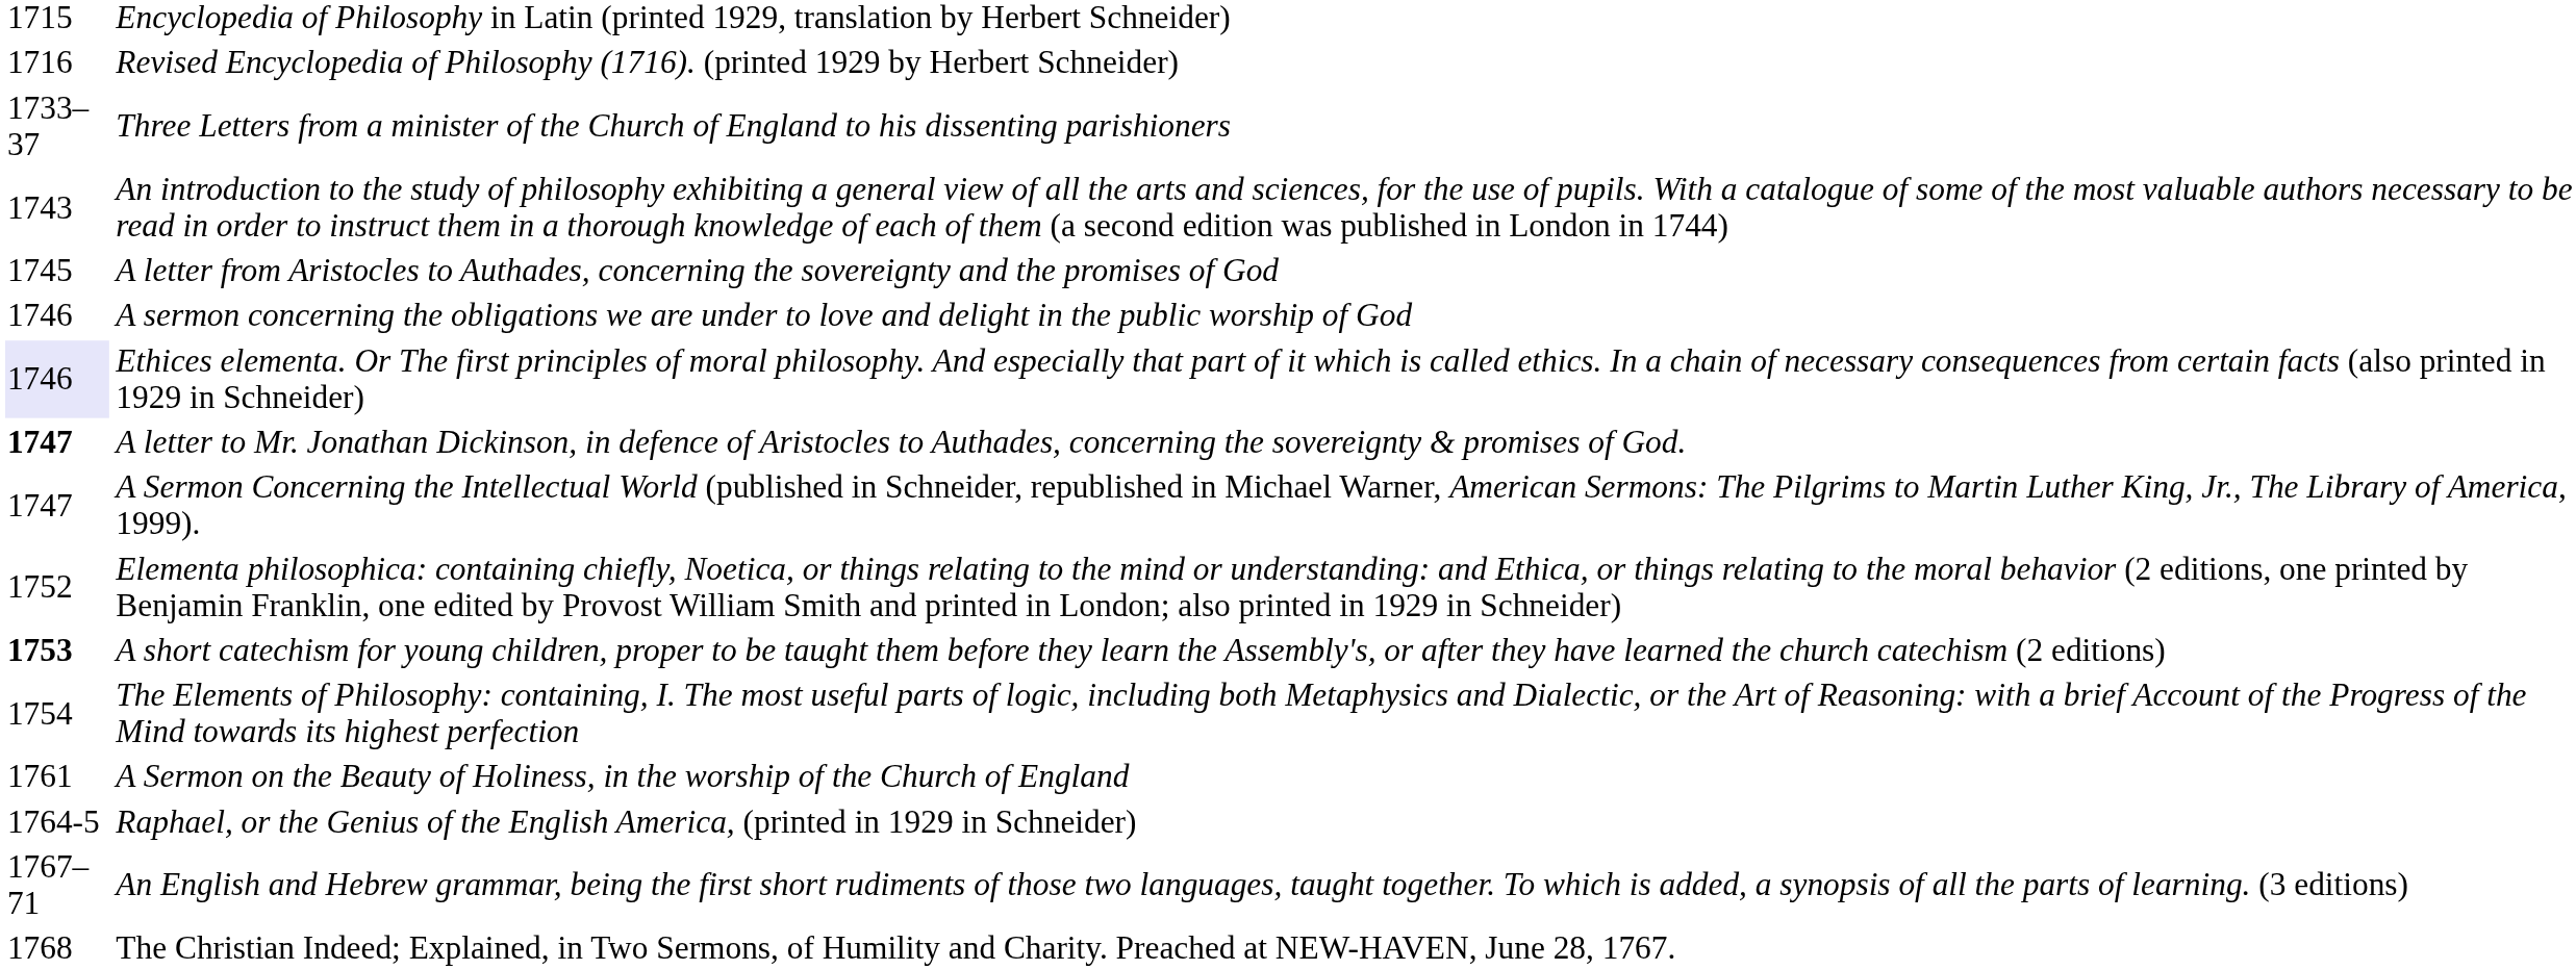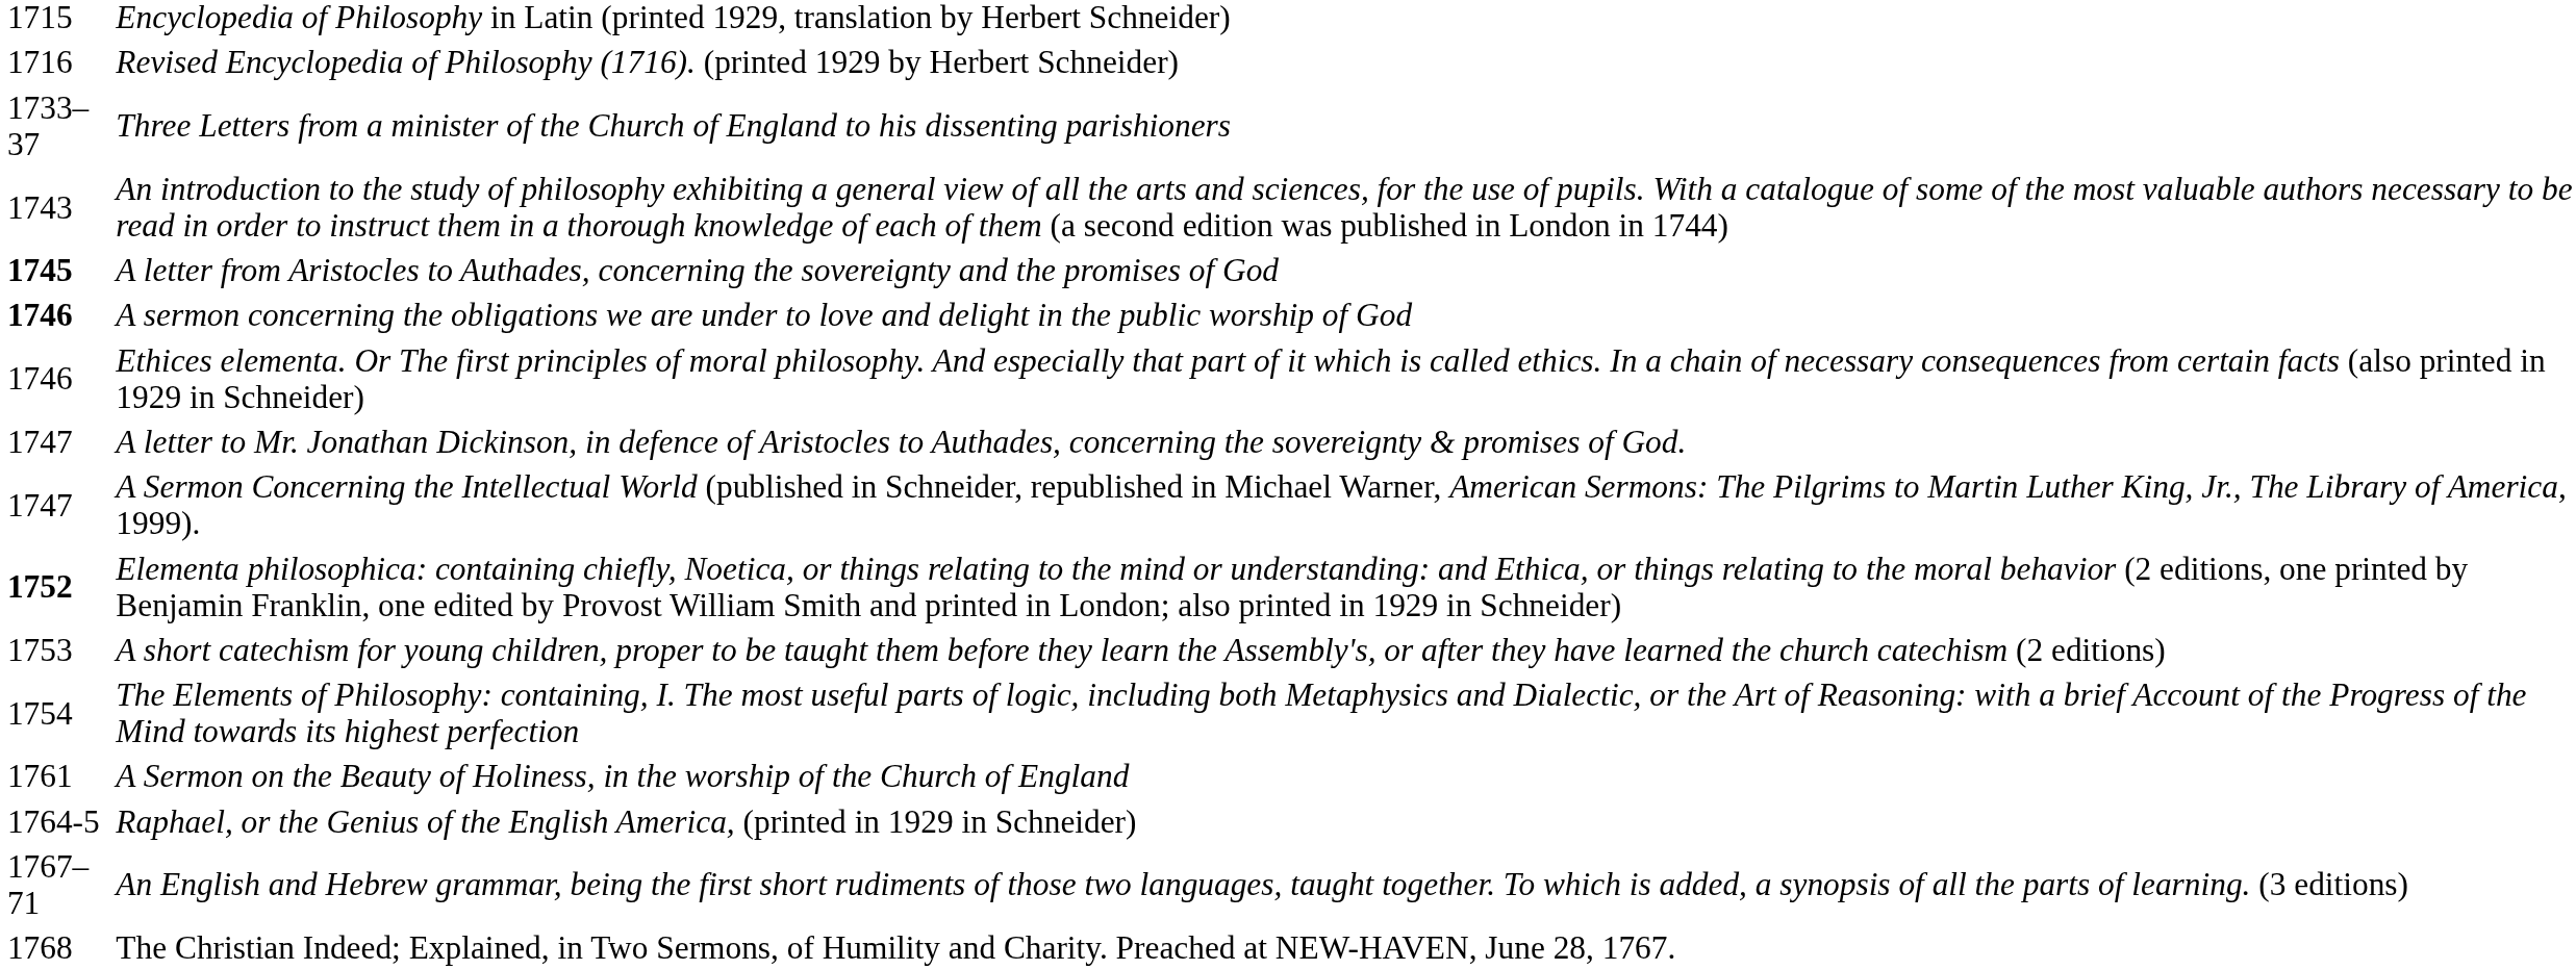 <table>
 <tr>
 <td>1715</td>
 <td><em>Encyclopedia of Philosophy</em> in Latin (printed 1929, translation by Herbert Schneider)</td>
 </tr>
 <tr>
 <td>1716</td>
 <td><em>Revised Encyclopedia of Philosophy (1716). </em> (printed 1929 by Herbert Schneider)</td>
 </tr>
 <tr>
 <td>1733–37</td>
 <td><em>Three Letters from a minister of the Church of England to his dissenting parishioners</em></td>
 </tr>
 <tr>
 <td>1743</td>
 <td><em>An introduction to the study of philosophy exhibiting a general view of all the arts and sciences, for the use of pupils. With a catalogue of some of the most valuable authors necessary to be read in order to instruct them in a thorough knowledge of each of them</em> (a second edition was published in London in 1744)</td>
 </tr>
 <tr>
-<td>1745</td>
+<td><strong>1745</strong></td>
 <td><em>A letter from Aristocles to Authades, concerning the sovereignty and the promises of God</em></td>
 </tr>
 <tr>
-<td>1746</td>
+<td><strong>1746</strong></td>
 <td><em>A sermon concerning the obligations we are under to love and delight in the public worship of God</em></td>
 </tr>
 <tr>
-<td style="background: lavender;">1746</td>
+<td>1746</td>
 <td><em>Ethices elementa. Or The first principles of moral philosophy. And especially that part of it which is called ethics. In a chain of necessary consequences from certain facts</em> (also printed in 1929 in Schneider)</td>
 </tr>
 <tr>
-<td><strong>1747</strong></td>
+<td>1747</td>
 <td><em>A letter to Mr. Jonathan Dickinson, in defence of Aristocles to Authades, concerning the sovereignty & promises of God.</em></td>
 </tr>
 <tr>
 <td>1747</td>
 <td><em>A Sermon Concerning the Intellectual World</em> (published in Schneider, republished in Michael Warner, <em>American Sermons: The Pilgrims to Martin Luther King, Jr., The Library of America</em>, 1999).</td>
 </tr>
 <tr>
-<td>1752</td>
+<td><strong>1752</strong></td>
 <td><em>Elementa philosophica: containing chiefly, Noetica, or things relating to the mind or understanding: and Ethica, or things relating to the moral behavior</em> (2 editions, one printed by Benjamin Franklin, one edited by Provost William Smith and printed in London; also printed in 1929 in Schneider)</td>
 </tr>
 <tr>
-<td><strong>1753</strong></td>
+<td>1753</td>
 <td><em>A short catechism for young children, proper to be taught them before they learn the Assembly's, or after they have learned the church catechism</em> (2 editions)</td>
 </tr>
 <tr>
 <td>1754</td>
 <td><em>The Elements of Philosophy: containing, I. The most useful parts of logic, including both Metaphysics and Dialectic, or the Art of Reasoning: with a brief Account of the Progress of the Mind towards its highest perfection</em></td>
 </tr>
 <tr>
 <td>1761</td>
 <td><em>A Sermon on the Beauty of Holiness, in the worship of the Church of England</em></td>
 </tr>
 <tr>
 <td>1764-5</td>
 <td><em>Raphael, or the Genius of the English America, </em>(printed in 1929 in Schneider)</td>
 </tr>
 <tr>
 <td>1767–71</td>
 <td><em>An English and Hebrew grammar, being the first short rudiments of those two languages, taught together. To which is added, a synopsis of all the parts of learning.</em> (3 editions)</td>
 </tr>
 <tr>
 <td>1768</td>
 <td>The Christian Indeed; Explained, in Two Sermons, of Humility and Charity. Preached at NEW-HAVEN, June 28, 1767.</td>
 </tr>
 </table>
